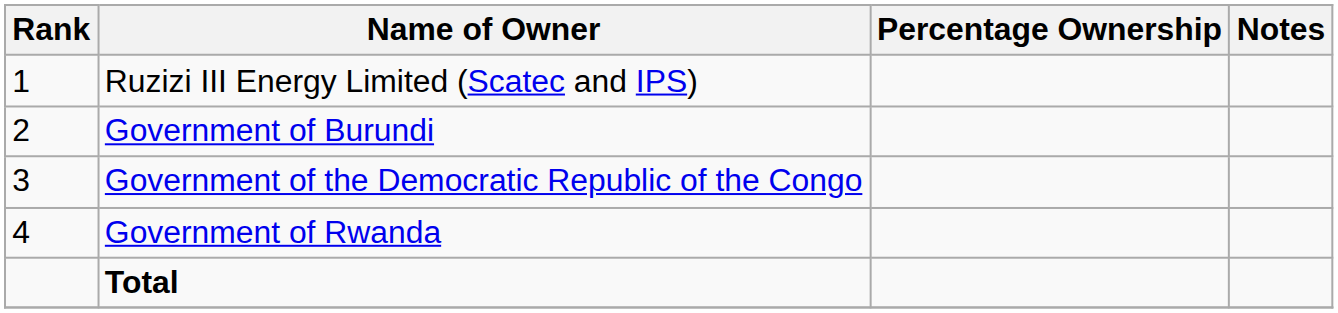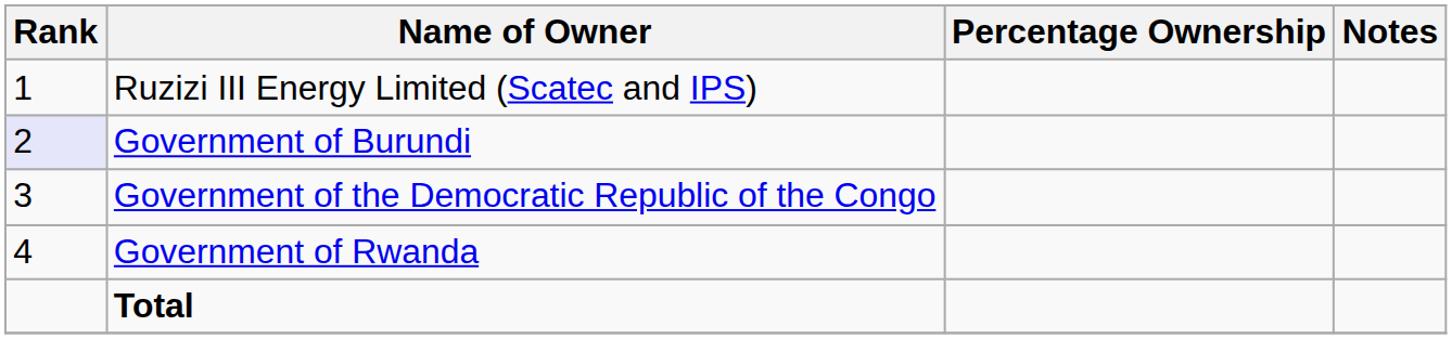 <table class="wikitable sortable">
 <tr>
 <th style="width:2em;">Rank</th>
 <th>Name of Owner</th>
 <th>Percentage Ownership</th>
 <th>Notes</th>
 </tr>
 <tr>
 <td>1</td>
 <td>Ruzizi III Energy Limited (<a href='#'>Scatec</a> and <a href='#'>IPS</a>)</td>
 <td></td>
 <td></td>
 </tr>
 <tr>
-<td>2</td>
+<td style="background: lavender;">2</td>
 <td><a href='#'>Government of Burundi</a></td>
 <td></td>
 <td></td>
 </tr>
 <tr>
 <td>3</td>
 <td><a href='#'>Government of the Democratic Republic of the Congo</a></td>
 <td></td>
 <td></td>
 </tr>
 <tr>
 <td>4</td>
 <td><a href='#'>Government of Rwanda</a></td>
 <td></td>
 <td></td>
 </tr>
 <tr>
 <td></td>
 <td><strong>Total</strong></td>
 <td></td>
 <td></td>
 </tr>
 <tr>
 </tr>
 </table>
